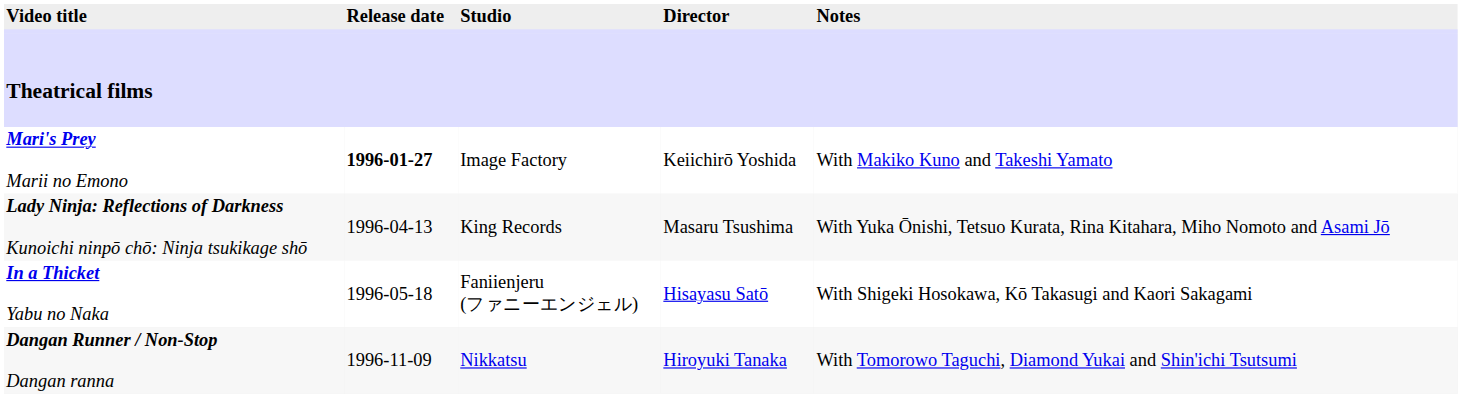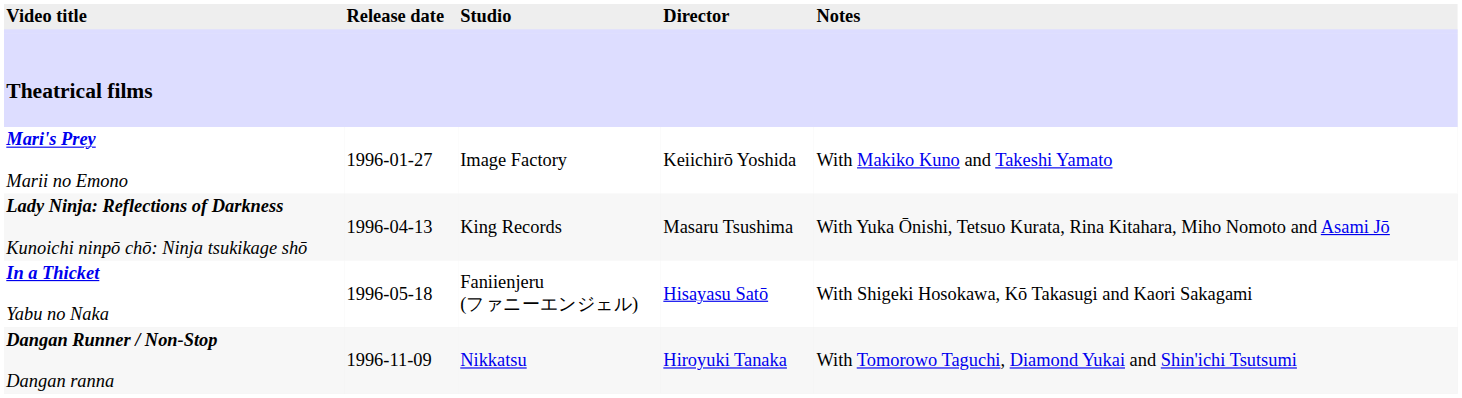 <table cellpadding=2 style="width:100%; text-align:left; border-width:0px; border-collapse:collapse; background:#eee;">
 <tr>
 <th>Video title</th>
 <th>Release date</th>
 <th>Studio</th>
 <th>Director</th>
 <th>Notes</th>
 </tr>
 <tr>
 <td colspan=6 style=background-color:#ddf;></td>
 </tr>
 <tr>
 <td colspan=6 style=background-color:#ddf;><br><h3>Theatrical films</h3></td>
 </tr>
 <tr style=background:#fff;>
 <td><strong><em><a href='#'>Mari's Prey</a></em></strong><br><br><em>Marii no Emono</em></td>
-<td><strong>1996-01-27</strong></td>
+<td>1996-01-27</td>
 <td>Image Factory</td>
 <td>Keiichirō Yoshida</td>
 <td>With <a href='#'>Makiko Kuno</a> and <a href='#'>Takeshi Yamato</a></td>
 </tr>
 <tr style=background:#f7f7f7;>
 <td><strong><em>Lady Ninja: Reflections of Darkness</em></strong><br><br><em>Kunoichi ninpō chō: Ninja tsukikage shō</em></td>
 <td>1996-04-13</td>
 <td>King Records</td>
 <td>Masaru Tsushima</td>
 <td>With Yuka Ōnishi, Tetsuo Kurata, Rina Kitahara, Miho Nomoto and <a href='#'>Asami Jō</a></td>
 </tr>
 <tr style=background:#fff;>
 <td><strong><em><a href='#'>In a Thicket</a></em></strong><br><br><em>Yabu no Naka</em></td>
 <td>1996-05-18</td>
 <td>Faniienjeru<br>(ファニーエンジェル)</td>
 <td><a href='#'>Hisayasu Satō</a></td>
 <td>With Shigeki Hosokawa, Kō Takasugi and Kaori Sakagami</td>
 </tr>
 <tr style=background:#f7f7f7;>
 <td><strong><em>Dangan Runner / Non-Stop</em></strong><br><br><em>Dangan ranna</em></td>
 <td>1996-11-09</td>
 <td><a href='#'>Nikkatsu</a></td>
 <td><a href='#'>Hiroyuki Tanaka</a></td>
 <td>With <a href='#'>Tomorowo Taguchi</a>, <a href='#'>Diamond Yukai</a> and <a href='#'>Shin'ichi Tsutsumi</a></td>
 </tr>
 </table>
